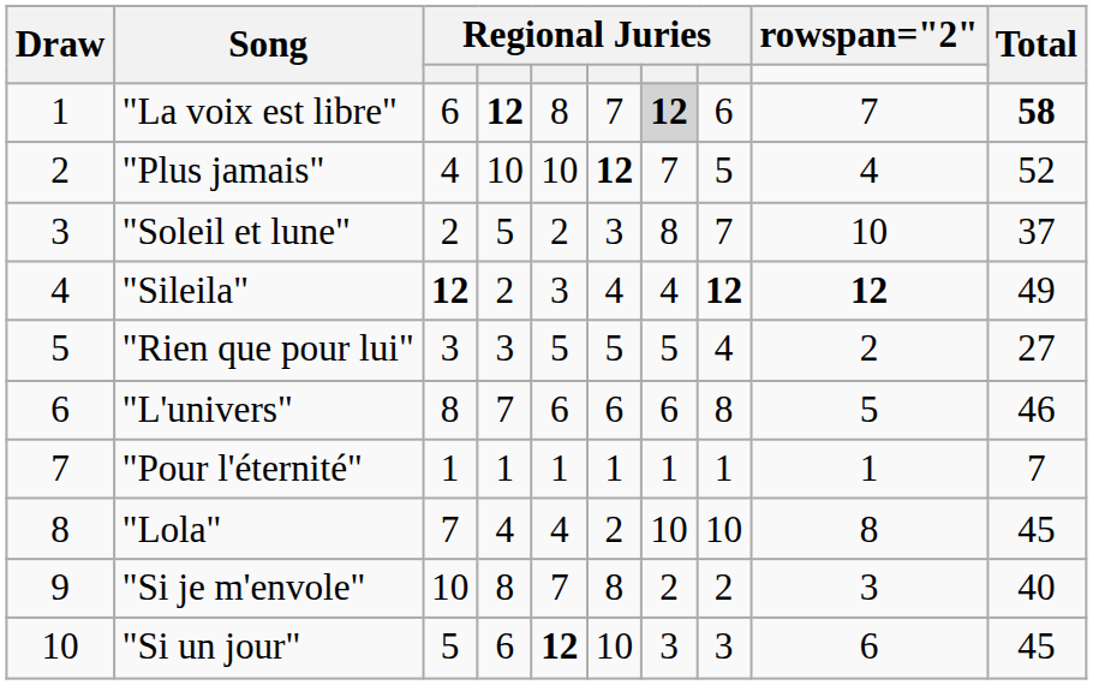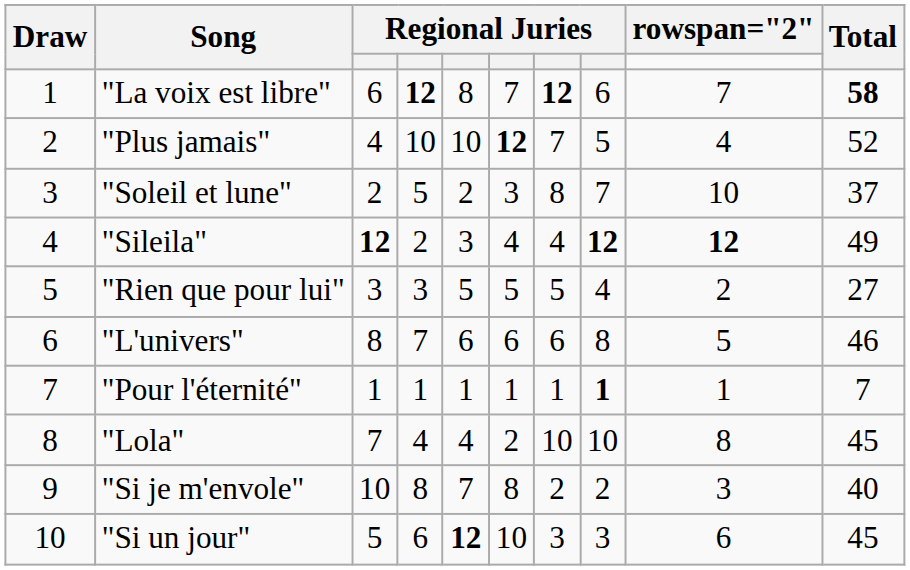 <table class="wikitable plainrowheaders" style="margin: 1em auto 1em auto; text-align:center;">
 <tr>
 <th rowspan="2">Draw</th>
 <th rowspan="2">Song</th>
 <th colspan="6">Regional Juries</th>
 <th>rowspan="2" </th>
 <th rowspan="2">Total</th>
 </tr>
 <tr>
 <th></th>
 <th></th>
 <th></th>
 <th></th>
 <th></th>
 <th></th>
 </tr>
 <tr --->
 <td>1</td>
 <td align="left">"La voix est libre"</td>
 <td>6</td>
 <td><strong>12</strong></td>
 <td>8</td>
 <td>7</td>
-<td style="background: lightgrey;"><strong>12</strong></td>
+<td><strong>12</strong></td>
 <td>6</td>
 <td>7</td>
 <td><strong>58</strong></td>
 </tr>
 <tr --->
 <td>2</td>
 <td align="left">"Plus jamais"</td>
 <td>4</td>
 <td>10</td>
 <td>10</td>
 <td><strong>12</strong></td>
 <td>7</td>
 <td>5</td>
 <td>4</td>
 <td>52</td>
 </tr>
 <tr --->
 <td>3</td>
 <td align="left">"Soleil et lune"</td>
 <td>2</td>
 <td>5</td>
 <td>2</td>
 <td>3</td>
 <td>8</td>
 <td>7</td>
 <td>10</td>
 <td>37</td>
 </tr>
 <tr --->
 <td>4</td>
 <td align="left">"Sileila"</td>
 <td><strong>12</strong></td>
 <td>2</td>
 <td>3</td>
 <td>4</td>
 <td>4</td>
 <td><strong>12</strong></td>
 <td><strong>12</strong></td>
 <td>49</td>
 </tr>
 <tr --->
 <td>5</td>
 <td align="left">"Rien que pour lui"</td>
 <td>3</td>
 <td>3</td>
 <td>5</td>
 <td>5</td>
 <td>5</td>
 <td>4</td>
 <td>2</td>
 <td>27</td>
 </tr>
 <tr --->
 <td>6</td>
 <td align="left">"L'univers"</td>
 <td>8</td>
 <td>7</td>
 <td>6</td>
 <td>6</td>
 <td>6</td>
 <td>8</td>
 <td>5</td>
 <td>46</td>
 </tr>
 <tr --->
 <td>7</td>
 <td align="left">"Pour l'éternité"</td>
 <td>1</td>
 <td>1</td>
 <td>1</td>
 <td>1</td>
 <td>1</td>
-<td>1</td>
+<td><strong>1</strong></td>
 <td>1</td>
 <td>7</td>
 </tr>
 <tr --->
 <td>8</td>
 <td align="left">"Lola"</td>
 <td>7</td>
 <td>4</td>
 <td>4</td>
 <td>2</td>
 <td>10</td>
 <td>10</td>
 <td>8</td>
 <td>45</td>
 </tr>
 <tr --->
 <td>9</td>
 <td align="left">"Si je m'envole"</td>
 <td>10</td>
 <td>8</td>
 <td>7</td>
 <td>8</td>
 <td>2</td>
 <td>2</td>
 <td>3</td>
 <td>40</td>
 </tr>
 <tr --->
 <td>10</td>
 <td align="left">"Si un jour"</td>
 <td>5</td>
 <td>6</td>
 <td><strong>12</strong></td>
 <td>10</td>
 <td>3</td>
 <td>3</td>
 <td>6</td>
 <td>45</td>
 </tr>
 </table>
